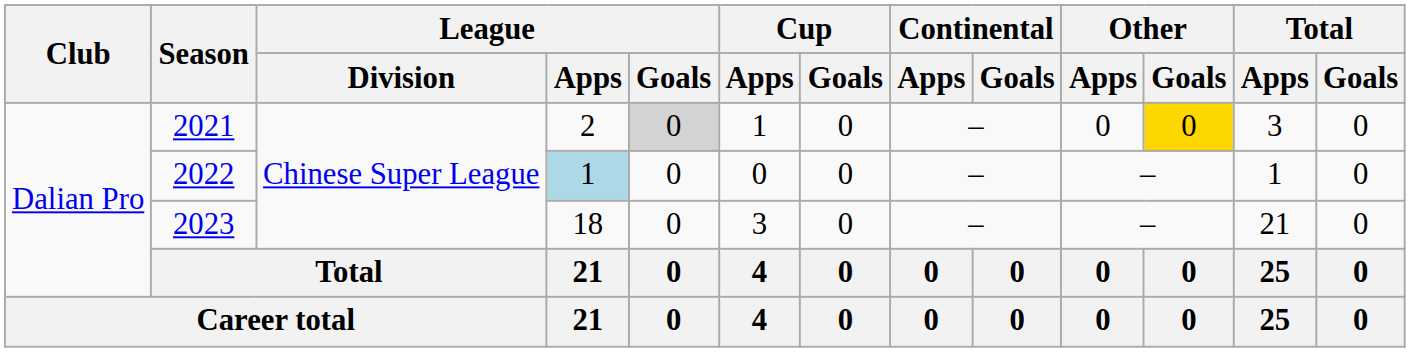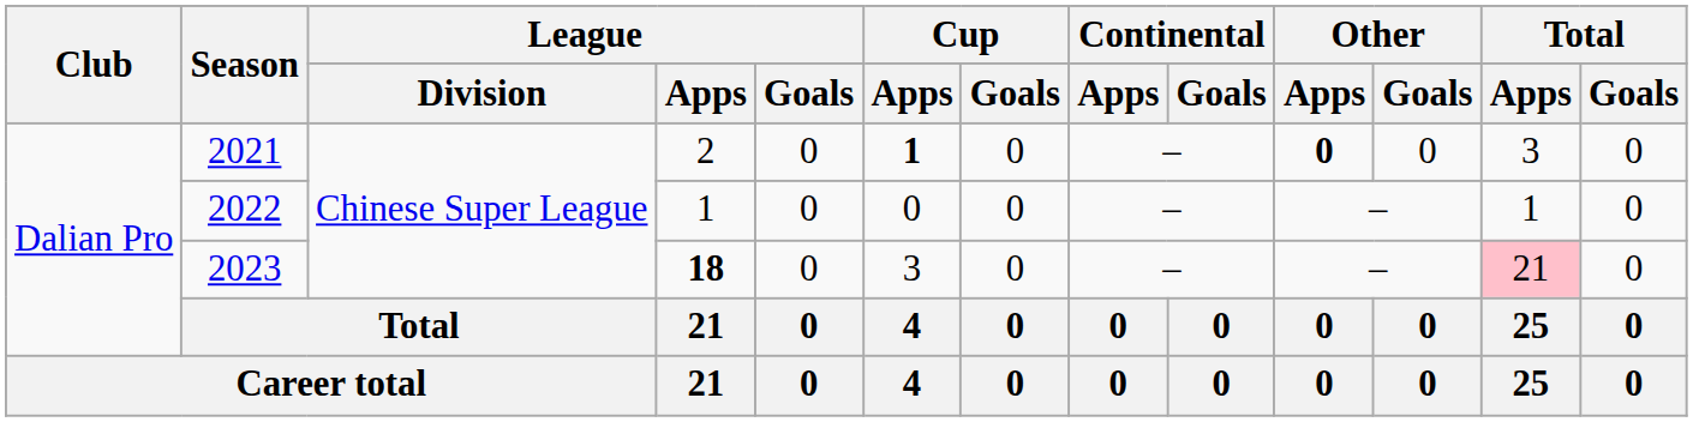 <table class="wikitable" style="text-align: center">
 <tr>
 <th rowspan="2">Club</th>
 <th rowspan="2">Season</th>
 <th colspan="3">League</th>
 <th colspan="2">Cup</th>
 <th colspan="2">Continental</th>
 <th colspan="2">Other</th>
 <th colspan="2">Total</th>
 </tr>
 <tr>
 <th>Division</th>
 <th>Apps</th>
 <th>Goals</th>
 <th>Apps</th>
 <th>Goals</th>
 <th>Apps</th>
 <th>Goals</th>
 <th>Apps</th>
 <th>Goals</th>
 <th>Apps</th>
 <th>Goals</th>
 </tr>
 <tr>
 <td rowspan=4><a href='#'>Dalian Pro</a></td>
 <td><a href='#'>2021</a></td>
 <td rowspan=3><a href='#'>Chinese Super League</a></td>
 <td>2</td>
-<td style="background: lightgrey;">0</td>
-<td>1</td>
+<td>0</td>
+<td><strong>1</strong></td>
 <td>0</td>
 <td colspan="2">–</td>
+<td><strong>0</strong></td>
 <td>0</td>
-<td style="background: gold;">0</td>
 <td>3</td>
 <td>0</td>
 </tr>
 <tr>
 <td><a href='#'>2022</a></td>
-<td style="background: lightblue;">1</td>
+<td>1</td>
 <td>0</td>
 <td>0</td>
 <td>0</td>
 <td colspan="2">–</td>
 <td colspan="2">–</td>
 <td>1</td>
 <td>0</td>
 </tr>
 <tr>
 <td><a href='#'>2023</a></td>
-<td>18</td>
+<td><strong>18</strong></td>
 <td>0</td>
 <td>3</td>
 <td>0</td>
 <td colspan="2">–</td>
 <td colspan="2">–</td>
-<td>21</td>
+<td style="background: pink;">21</td>
 <td>0</td>
 </tr>
 <tr>
 <th colspan="2">Total</th>
 <th>21</th>
 <th>0</th>
 <th>4</th>
 <th>0</th>
 <th>0</th>
 <th>0</th>
 <th>0</th>
 <th>0</th>
 <th>25</th>
 <th>0</th>
 </tr>
 <tr>
 <th colspan=3>Career total</th>
 <th>21</th>
 <th>0</th>
 <th>4</th>
 <th>0</th>
 <th>0</th>
 <th>0</th>
 <th>0</th>
 <th>0</th>
 <th>25</th>
 <th>0</th>
 </tr>
 </table>
